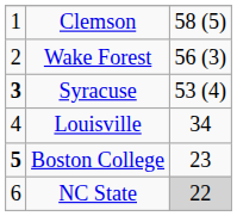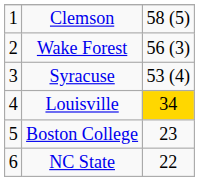 <table class="wikitable" style="display: inline-table; text-align: center;">
 <tr align="center">
 </tr>
 <tr align="center">
 <td>1</td>
 <td><a href='#'>Clemson</a></td>
 <td>58 (5)</td>
 </tr>
 <tr>
 <td>2</td>
 <td><a href='#'>Wake Forest</a></td>
 <td>56 (3)</td>
 </tr>
 <tr>
-<td><strong>3</strong></td>
+<td>3</td>
 <td><a href='#'>Syracuse</a></td>
 <td>53 (4)</td>
 </tr>
 <tr>
 <td>4</td>
 <td><a href='#'>Louisville</a></td>
-<td>34</td>
+<td style="background: gold;">34</td>
 </tr>
 <tr>
-<td><strong>5</strong></td>
+<td>5</td>
 <td><a href='#'>Boston College</a></td>
 <td>23</td>
 </tr>
 <tr>
 <td>6</td>
 <td><a href='#'>NC State</a></td>
-<td style="background: lightgrey;">22</td>
+<td>22</td>
 </tr>
 </table>
